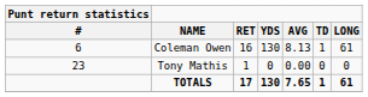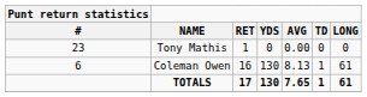 <table class="wikitable sortable" style="text-align:center;">
 <tr>
 <th style="text-align:center; ">Punt return statistics</th>
 </tr>
 <tr>
 <th>#</th>
 <th>NAME</th>
 <th>RET</th>
 <th>YDS</th>
 <th>AVG</th>
 <th>TD</th>
 <th>LONG</th>
 </tr>
 <tr>
+<td>23</td>
+<td>Tony Mathis</td>
+<td>1</td>
+<td>0</td>
+<td>0.00</td>
+<td>0</td>
+<td>0</td>
+</tr>
+<tr>
 <td>6</td>
 <td>Coleman Owen</td>
 <td>16</td>
 <td>130</td>
 <td>8.13</td>
 <td>1</td>
 <td>61</td>
-</tr>
-<tr>
-<td>23</td>
-<td>Tony Mathis</td>
-<td>1</td>
-<td>0</td>
-<td>0.00</td>
-<td>0</td>
-<td>0</td>
 </tr>
 <tr>
 <td></td>
 <td><strong>TOTALS</strong></td>
 <td><strong>17</strong></td>
 <td><strong>130</strong></td>
 <td><strong>7.65</strong></td>
 <td><strong>1</strong></td>
 <td><strong>61</strong></td>
 </tr>
 <tr>
 </tr>
 </table>
